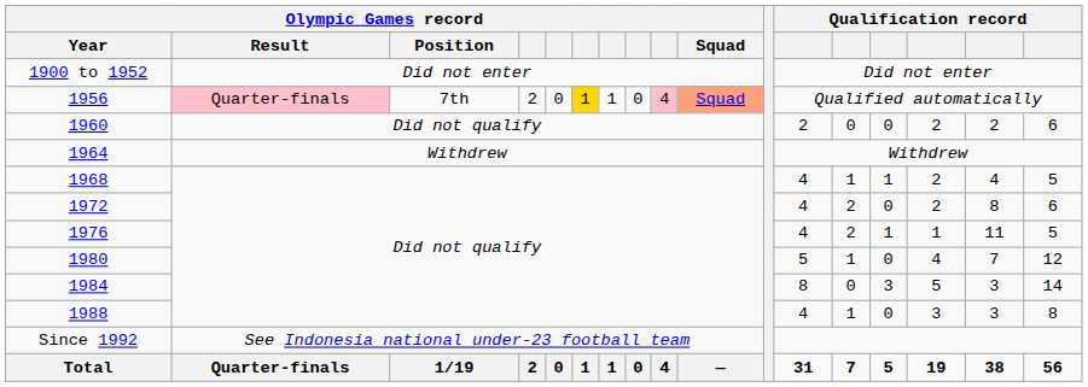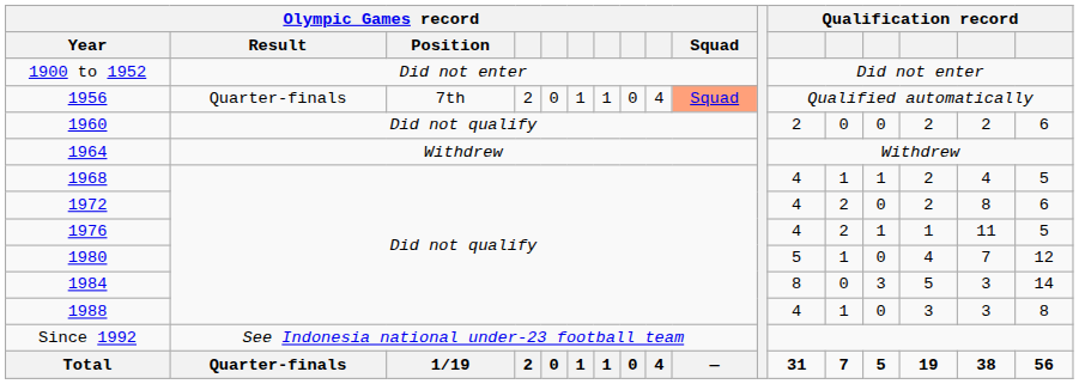 <table class="wikitable" style="text-align: center; width: 850px;">
 <tr>
 <th colspan="10"><a href='#'>Olympic Games</a> record</th>
 <th style="width: 1%;" rowspan=14></th>
 <th colspan=7>Qualification record</th>
 </tr>
 <tr>
 <th>Year</th>
 <th>Result</th>
 <th>Position</th>
 <th></th>
 <th></th>
 <th></th>
 <th></th>
 <th></th>
 <th></th>
 <th>Squad</th>
 <th></th>
 <th></th>
 <th></th>
 <th></th>
 <th></th>
 <th></th>
 </tr>
 <tr>
 <td><a href='#'>1900</a> to <a href='#'>1952</a></td>
 <td colspan=9><em>Did not enter</em></td>
 <td colspan=6><em>Did not enter</em></td>
 </tr>
 <tr>
 <td> <a href='#'>1956</a></td>
-<td style="background: pink;">Quarter-finals</td>
+<td>Quarter-finals</td>
 <td>7th</td>
 <td>2</td>
 <td>0</td>
-<td style="background: gold;">1</td>
+<td>1</td>
 <td>1</td>
 <td>0</td>
-<td style="background: pink;">4</td>
+<td>4</td>
 <td style="background: lightsalmon;"><a href='#'>Squad</a></td>
 <td colspan=6><em>Qualified automatically</em></td>
 </tr>
 <tr>
 <td> <a href='#'>1960</a></td>
 <td colspan=9><em>Did not qualify</em></td>
 <td>2</td>
 <td>0</td>
 <td>0</td>
 <td>2</td>
 <td>2</td>
 <td>6</td>
 </tr>
 <tr>
 <td> <a href='#'>1964</a></td>
 <td colspan=9><em>Withdrew</em></td>
 <td colspan=6><em>Withdrew</em></td>
 </tr>
 <tr>
 <td> <a href='#'>1968</a></td>
 <td colspan=9 rowspan=6><em>Did not qualify</em></td>
 <td>4</td>
 <td>1</td>
 <td>1</td>
 <td>2</td>
 <td>4</td>
 <td>5</td>
 </tr>
 <tr>
 <td> <a href='#'>1972</a></td>
 <td>4</td>
 <td>2</td>
 <td>0</td>
 <td>2</td>
 <td>8</td>
 <td>6</td>
 </tr>
 <tr>
 <td> <a href='#'>1976</a></td>
 <td>4</td>
 <td>2</td>
 <td>1</td>
 <td>1</td>
 <td>11</td>
 <td>5</td>
 </tr>
 <tr>
 <td> <a href='#'>1980</a></td>
 <td>5</td>
 <td>1</td>
 <td>0</td>
 <td>4</td>
 <td>7</td>
 <td>12</td>
 </tr>
 <tr>
 <td> <a href='#'>1984</a></td>
 <td>8</td>
 <td>0</td>
 <td>3</td>
 <td>5</td>
 <td>3</td>
 <td>14</td>
 </tr>
 <tr>
 <td> <a href='#'>1988</a></td>
 <td>4</td>
 <td>1</td>
 <td>0</td>
 <td>3</td>
 <td>3</td>
 <td>8</td>
 </tr>
 <tr>
 <td>Since <a href='#'>1992</a></td>
 <td colspan="9"><em>See <a href='#'>Indonesia national under-23 football team</a></em></td>
 </tr>
 <tr |>
 <th><strong>Total</strong></th>
 <th><strong>Quarter-finals</strong></th>
 <th><strong>1/19</strong></th>
 <th><strong>2</strong></th>
 <th><strong>0</strong></th>
 <th><strong>1</strong></th>
 <th><strong>1</strong></th>
 <th><strong>0</strong></th>
 <th><strong>4</strong></th>
 <th>—</th>
 <td><strong>31</strong></td>
 <td><strong>7</strong></td>
 <td><strong>5</strong></td>
 <td><strong>19</strong></td>
 <td><strong>38</strong></td>
 <td><strong>56</strong></td>
 </tr>
 </table>
